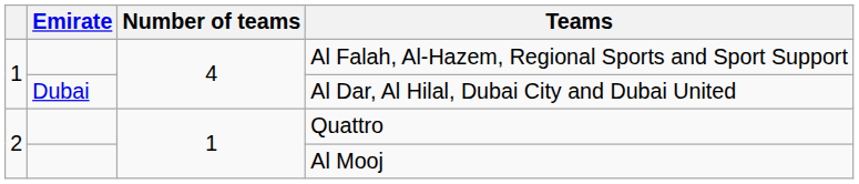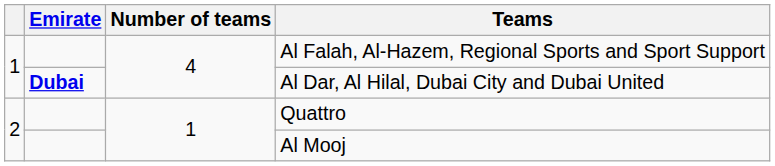 <table class="wikitable">
 <tr>
 <th></th>
 <th><a href='#'>Emirate</a></th>
 <th>Number of teams</th>
 <th>Teams</th>
 </tr>
 <tr>
 <td rowspan="2">1</td>
 <td></td>
 <td align=center rowspan="2">4</td>
 <td>Al Falah, Al-Hazem, Regional Sports and Sport Support</td>
 </tr>
 <tr>
-<td> <a href='#'>Dubai</a></td>
+<td><strong> <a href='#'>Dubai</a></strong></td>
 <td>Al Dar, Al Hilal, Dubai City and Dubai United</td>
 </tr>
 <tr>
 <td rowspan="2">2</td>
 <td></td>
 <td align=center rowspan="2">1</td>
 <td>Quattro</td>
 </tr>
 <tr>
 <td></td>
 <td>Al Mooj</td>
 </tr>
 </table>
